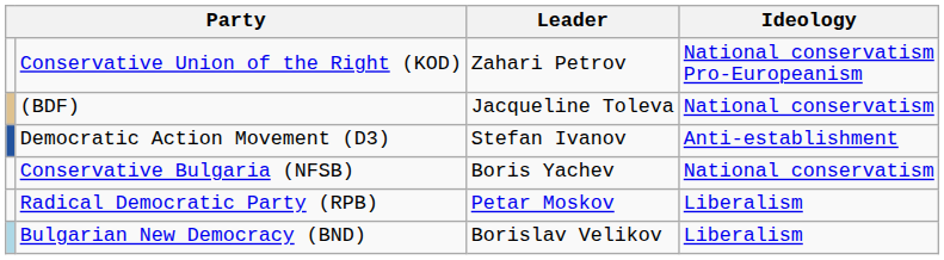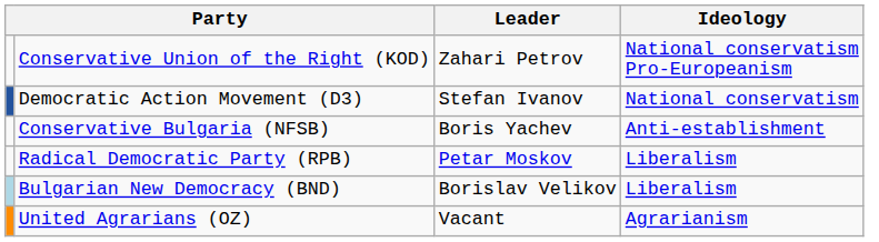 <table class="wikitable" style="font-size:95%; white-space: nowrap">
 <tr>
 <th colspan="2" style="width:200px">Party</th>
 <th style="width:100px">Leader</th>
 <th style="width:120px">Ideology</th>
 </tr>
 <tr>
 <td style="background:"></td>
 <td><a href='#'>Conservative Union of the Right</a> (KOD)</td>
 <td>Zahari Petrov</td>
 <td><a href='#'>National conservatism</a><br><a href='#'>Pro-Europeanism</a></td>
 </tr>
 <tr>
-<td style="background:#dfc28f;"></td>
-<td> (BDF)</td>
-<td>Jacqueline Toleva</td>
-<td><a href='#'>National conservatism</a></td>
-</tr>
-<tr>
 <td style="background:#23539e;"></td>
 <td>Democratic Action Movement (D3)</td>
 <td>Stefan Ivanov</td>
-<td><a href='#'>Anti-establishment</a></td>
+<td><a href='#'>National conservatism</a></td>
 </tr>
 <tr>
 <td style="background:"></td>
 <td><a href='#'>Conservative Bulgaria</a> (NFSB)</td>
 <td>Boris Yachev</td>
-<td><a href='#'>National conservatism</a></td>
+<td><a href='#'>Anti-establishment</a></td>
 </tr>
 <tr>
 <td style="background:"></td>
 <td><a href='#'>Radical Democratic Party</a> (RPB)</td>
 <td><a href='#'>Petar Moskov</a></td>
 <td><a href='#'>Liberalism</a></td>
 </tr>
 <tr>
 <td style="background:#add8e6;"></td>
 <td><a href='#'>Bulgarian New Democracy</a> (BND)</td>
 <td>Borislav Velikov</td>
 <td><a href='#'>Liberalism</a></td>
 </tr>
+<tr>
+<td style="background:#FF8C00"></td>
+<td><a href='#'>United Agrarians</a> (OZ)</td>
+<td>Vacant</td>
+<td><a href='#'>Agrarianism</a></td>
+</tr>
 </table>
